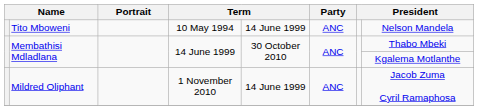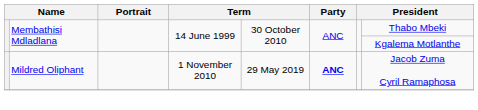 <table class="wikitable" width=60%>
 <tr>
 <th colspan=2 width=20%>Name</th>
 <th width=75>Portrait</th>
 <th colspan=2 width=30%>Term</th>
 <th width=10%>Party</th>
 <th colspan=2 width=25%>President</th>
-</tr>
-<tr style="text-align:center">
-<th style="width:1%;background-color: "></th>
-<td align=left><a href='#'>Tito Mboweni</a></td>
-<td align=center></td>
-<td>10 May 1994</td>
-<td>14 June 1999</td>
-<td><a href='#'>ANC</a></td>
-<td style="width:1%;background-color: "></td>
-<td><a href='#'>Nelson Mandela</a><br> </td>
 </tr>
 <tr style="text-align:center">
 <th rowspan=3 style="width:1%;background-color: "></th>
 <td rowspan=3 align=left><a href='#'>Membathisi Mdladlana</a></td>
 <td rowspan=3></td>
 <td rowspan=3>14 June 1999</td>
 <td rowspan=3>30 October 2010</td>
 <td rowspan=3><a href='#'>ANC</a></td>
 <td rowspan=2 style="width:1%;background-color: "></td>
 <td><a href='#'>Thabo Mbeki</a><br> </td>
 </tr>
 <tr style="text-align:center">
 <td><a href='#'>Kgalema Motlanthe</a><br> </td>
 </tr>
 <tr style="text-align:center">
 <td rowspan=2 style="width:1%;background-color: "></td>
 <td rowspan=2><a href='#'>Jacob Zuma</a><br> <br><a href='#'>Cyril Ramaphosa</a> </td>
 </tr>
 <tr style="text-align:center">
 <th style="width:1%;background-color: "></th>
 <td align=left><a href='#'>Mildred Oliphant</a></td>
 <td></td>
 <td>1 November 2010</td>
-<td>14 June 1999</td>
-<td><a href='#'>ANC</a></td>
+<td>29 May 2019</td>
+<td><strong><a href='#'>ANC</a></strong></td>
 </tr>
 <tr>
 </tr>
 </table>
